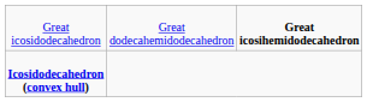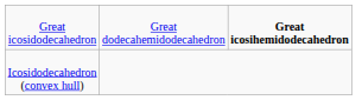 <table class="wikitable" width="400" style="vertical-align:top;text-align:center">
 <tr>
 <td align=center><br><a href='#'>Great icosidodecahedron</a></td>
 <td align=center><br><a href='#'>Great dodecahemidodecahedron</a></td>
 <td align=center><br><strong>Great icosihemidodecahedron</strong></td>
 </tr>
 <tr>
-<td align=center><strong><br><a href='#'>Icosidodecahedron</a> (<a href='#'>convex hull</a>)</strong></td>
+<td align=center><br><a href='#'>Icosidodecahedron</a> (<a href='#'>convex hull</a>)</td>
 </tr>
 </table>
